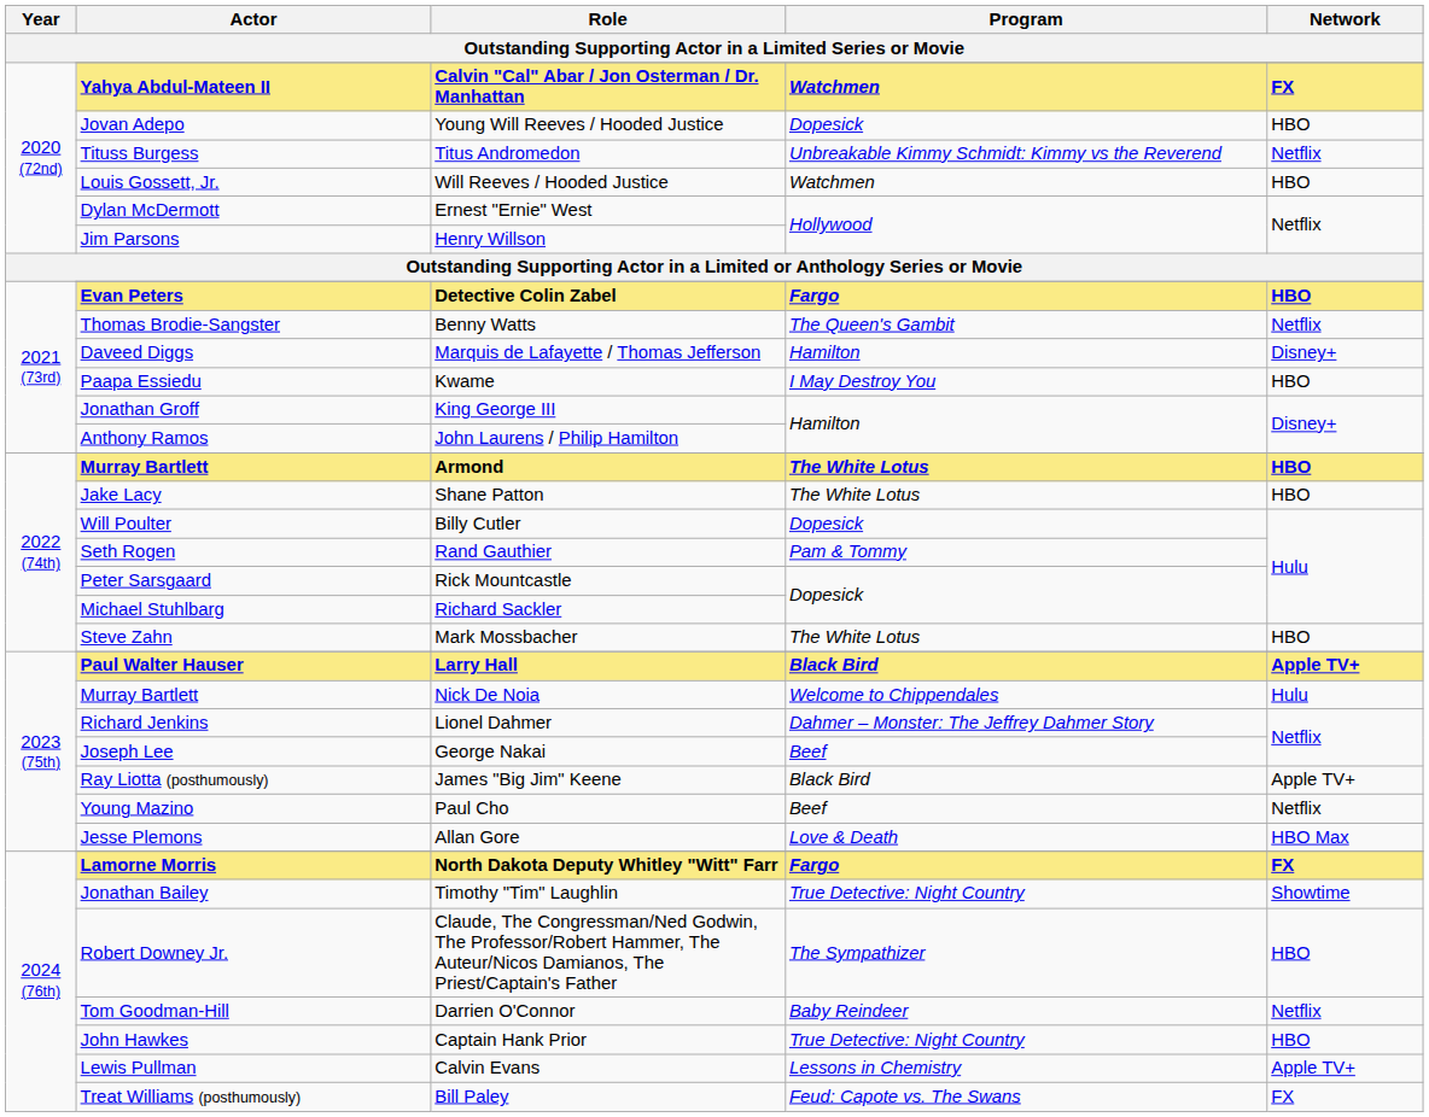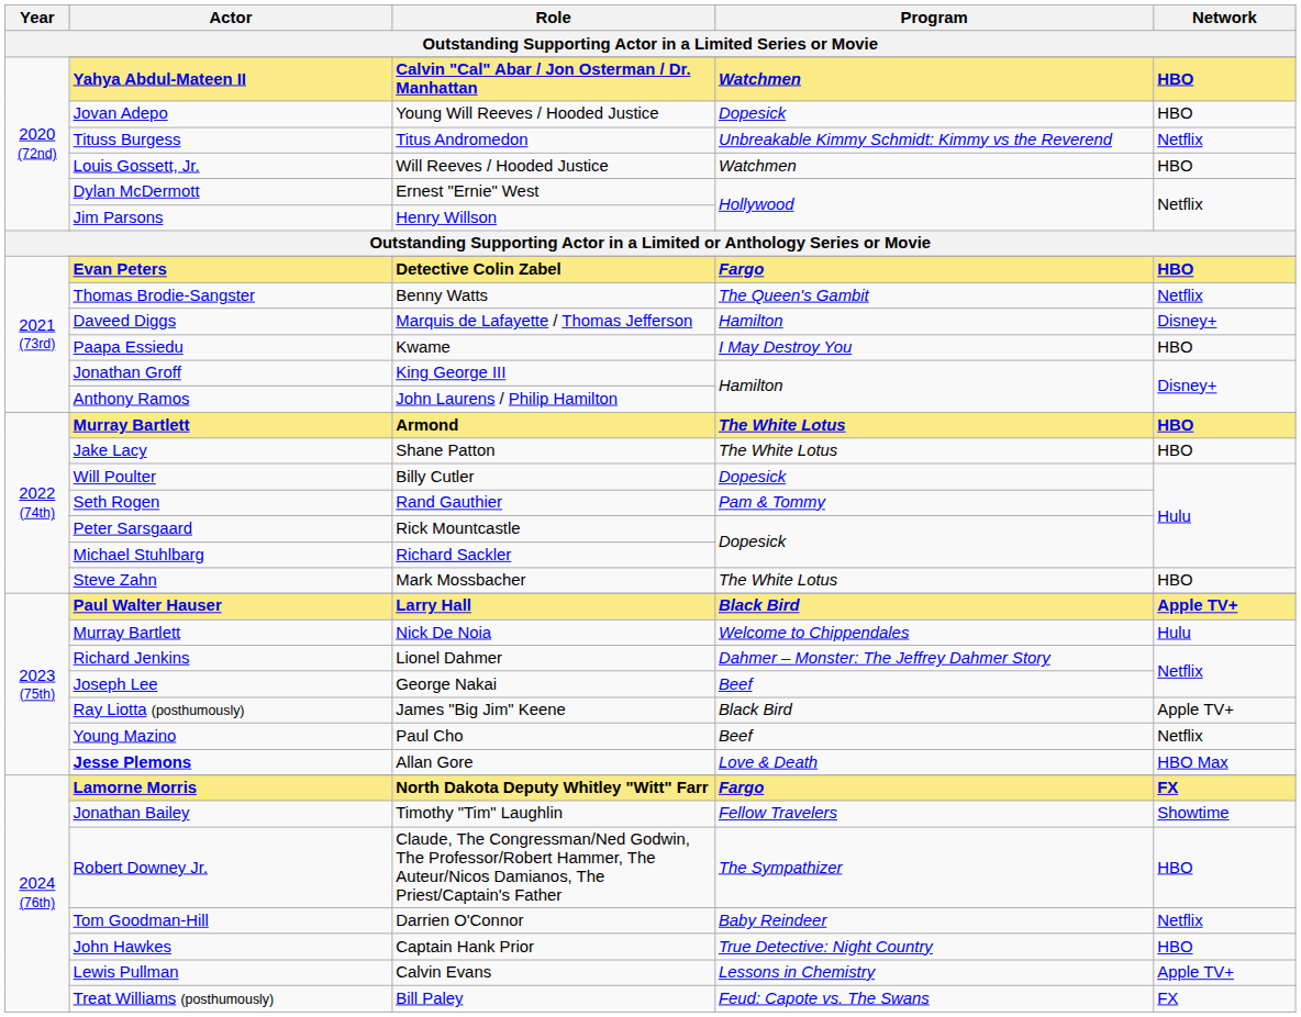 <table class="wikitable" style="width:100%">
 <tr bgcolor="#bebebe">
 <th width="5%">Year</th>
 <th width="25%">Actor</th>
 <th width="25%">Role</th>
 <th width="34%">Program</th>
 <th width="15%">Network</th>
 </tr>
 <tr>
 <th colspan=5>Outstanding Supporting Actor in a Limited Series or Movie</th>
 </tr>
 <tr>
 <td rowspan=7 style="text-align:center"><a href='#'>2020</a><br><small><a href='#'>(72nd)</a></small><br>  </td>
 </tr>
 <tr style="background:#FAEB86;">
 <td><strong><a href='#'>Yahya Abdul-Mateen II</a></strong></td>
 <td><strong><a href='#'>Calvin "Cal" Abar / Jon Osterman / Dr. Manhattan</a></strong></td>
 <td><strong><em><a href='#'>Watchmen</a></em></strong></td>
-<td><strong><a href='#'>FX</a></strong></td>
+<td><strong><a href='#'>HBO</a></strong></td>
 </tr>
 <tr>
 <td><a href='#'>Jovan Adepo</a></td>
 <td>Young Will Reeves / Hooded Justice</td>
 <td><em><a href='#'>Dopesick</a></em></td>
 <td>HBO</td>
 </tr>
 <tr>
 <td><a href='#'>Tituss Burgess</a></td>
 <td><a href='#'>Titus Andromedon</a></td>
 <td><em><a href='#'>Unbreakable Kimmy Schmidt: Kimmy vs the Reverend</a></em></td>
 <td><a href='#'>Netflix</a></td>
 </tr>
 <tr>
 <td><a href='#'>Louis Gossett, Jr.</a></td>
 <td>Will Reeves / Hooded Justice</td>
 <td><em>Watchmen</em></td>
 <td>HBO</td>
 </tr>
 <tr>
 <td><a href='#'>Dylan McDermott</a></td>
 <td>Ernest "Ernie" West</td>
 <td rowspan=2><em><a href='#'>Hollywood</a></em></td>
 <td rowspan=2>Netflix</td>
 </tr>
 <tr>
 <td><a href='#'>Jim Parsons</a></td>
 <td><a href='#'>Henry Willson</a></td>
 </tr>
 <tr>
 <th colspan=5>Outstanding Supporting Actor in a Limited or Anthology Series or Movie</th>
 </tr>
 <tr>
 <td rowspan=7 style="text-align:center"><a href='#'>2021</a><br><small><a href='#'>(73rd)</a></small><br>  </td>
 </tr>
 <tr style="background:#FAEB86;">
 <td><strong><a href='#'>Evan Peters</a></strong></td>
 <td><strong>Detective Colin Zabel</strong></td>
 <td><strong><em><a href='#'>Fargo</a></em></strong></td>
 <td><strong><a href='#'>HBO</a></strong></td>
 </tr>
 <tr>
 <td><a href='#'>Thomas Brodie-Sangster</a></td>
 <td>Benny Watts</td>
 <td><em><a href='#'>The Queen's Gambit</a></em></td>
 <td><a href='#'>Netflix</a></td>
 </tr>
 <tr>
 <td><a href='#'>Daveed Diggs</a></td>
 <td><a href='#'>Marquis de Lafayette</a> / <a href='#'>Thomas Jefferson</a></td>
 <td><em><a href='#'>Hamilton</a></em></td>
 <td><a href='#'>Disney+</a></td>
 </tr>
 <tr>
 <td><a href='#'>Paapa Essiedu</a></td>
 <td>Kwame</td>
 <td><em><a href='#'>I May Destroy You</a></em></td>
 <td>HBO</td>
 </tr>
 <tr>
 <td><a href='#'>Jonathan Groff</a></td>
 <td><a href='#'>King George III</a></td>
 <td rowspan="2"><em>Hamilton</em></td>
 <td rowspan="2"><a href='#'>Disney+</a></td>
 </tr>
 <tr>
 <td><a href='#'>Anthony Ramos</a></td>
 <td><a href='#'>John Laurens</a> / <a href='#'>Philip Hamilton</a></td>
 </tr>
 <tr>
 <td rowspan=8 style="text-align:center"><a href='#'>2022</a><br><small><a href='#'>(74th)</a></small><br>  </td>
 </tr>
 <tr style="background:#FAEB86;">
 <td><strong><a href='#'>Murray Bartlett</a></strong></td>
 <td><strong>Armond</strong></td>
 <td><strong><em><a href='#'>The White Lotus</a></em></strong></td>
 <td><strong><a href='#'>HBO</a></strong></td>
 </tr>
 <tr>
 <td><a href='#'>Jake Lacy</a></td>
 <td>Shane Patton</td>
 <td><em>The White Lotus</em></td>
 <td>HBO</td>
 </tr>
 <tr>
 <td><a href='#'>Will Poulter</a></td>
 <td>Billy Cutler</td>
 <td><em><a href='#'>Dopesick</a></em></td>
 <td rowspan="4"><a href='#'>Hulu</a></td>
 </tr>
 <tr>
 <td><a href='#'>Seth Rogen</a></td>
 <td><a href='#'>Rand Gauthier</a></td>
 <td><em><a href='#'>Pam & Tommy</a></em></td>
 </tr>
 <tr>
 <td><a href='#'>Peter Sarsgaard</a></td>
 <td>Rick Mountcastle</td>
 <td rowspan="2"><em>Dopesick</em></td>
 </tr>
 <tr>
 <td><a href='#'>Michael Stuhlbarg</a></td>
 <td><a href='#'>Richard Sackler</a></td>
 </tr>
 <tr>
 <td><a href='#'>Steve Zahn</a></td>
 <td>Mark Mossbacher</td>
 <td><em>The White Lotus</em></td>
 <td>HBO</td>
 </tr>
 <tr>
 <td rowspan=8 style="text-align:center"><a href='#'>2023</a><br><small><a href='#'>(75th)</a></small><br>  </td>
 </tr>
 <tr style="background:#FAEB86;">
 <td><strong><a href='#'>Paul Walter Hauser</a></strong></td>
 <td><strong><a href='#'>Larry Hall</a></strong></td>
 <td><strong><em><a href='#'>Black Bird</a></em></strong></td>
 <td><strong><a href='#'>Apple TV+</a></strong></td>
 </tr>
 <tr>
 <td><a href='#'>Murray Bartlett</a></td>
 <td><a href='#'>Nick De Noia</a></td>
 <td><em><a href='#'>Welcome to Chippendales</a></em></td>
 <td><a href='#'>Hulu</a></td>
 </tr>
 <tr>
 <td><a href='#'>Richard Jenkins</a></td>
 <td>Lionel Dahmer</td>
 <td><em><a href='#'>Dahmer – Monster: The Jeffrey Dahmer Story</a></em></td>
 <td rowspan="2"><a href='#'>Netflix</a></td>
 </tr>
 <tr>
 <td><a href='#'>Joseph Lee</a></td>
 <td>George Nakai</td>
 <td><em><a href='#'>Beef</a></em></td>
 </tr>
 <tr>
 <td><a href='#'>Ray Liotta</a> <small>(posthumously)</small></td>
 <td>James "Big Jim" Keene</td>
 <td><em>Black Bird</em></td>
 <td>Apple TV+</td>
 </tr>
 <tr>
 <td><a href='#'>Young Mazino</a></td>
 <td>Paul Cho</td>
 <td><em>Beef</em></td>
 <td>Netflix</td>
 </tr>
 <tr>
-<td><a href='#'>Jesse Plemons</a></td>
+<td><strong><a href='#'>Jesse Plemons</a></strong></td>
 <td>Allan Gore</td>
 <td><em><a href='#'>Love & Death</a></em></td>
 <td><a href='#'>HBO Max</a></td>
 </tr>
 <tr>
 <td rowspan="8" style="text-align:center"><a href='#'>2024</a><br><small><a href='#'>(76th)</a></small><br>  </td>
 </tr>
 <tr style="background:#FAEB86;">
 <td><strong><a href='#'>Lamorne Morris</a></strong></td>
 <td><strong>North Dakota Deputy Whitley "Witt" Farr</strong></td>
 <td><strong><em><a href='#'>Fargo</a></em></strong></td>
 <td><strong><a href='#'>FX</a></strong></td>
 </tr>
 <tr>
 <td><a href='#'>Jonathan Bailey</a></td>
 <td>Timothy "Tim" Laughlin</td>
-<td><em><a href='#'>True Detective: Night Country</a></em></td>
+<td><em><a href='#'>Fellow Travelers</a></em></td>
 <td><a href='#'>Showtime</a></td>
 </tr>
 <tr>
 <td><a href='#'>Robert Downey Jr.</a></td>
 <td>Claude, The Congressman/Ned Godwin, The Professor/Robert Hammer, The Auteur/Nicos Damianos, The Priest/Captain's Father</td>
 <td><em><a href='#'>The Sympathizer</a></em></td>
 <td><a href='#'>HBO</a></td>
 </tr>
 <tr>
 <td><a href='#'>Tom Goodman-Hill</a></td>
 <td>Darrien O'Connor</td>
 <td><em><a href='#'>Baby Reindeer</a></em></td>
 <td><a href='#'>Netflix</a></td>
 </tr>
 <tr>
 <td><a href='#'>John Hawkes</a></td>
 <td>Captain Hank Prior</td>
 <td><em><a href='#'>True Detective: Night Country</a></em></td>
 <td><a href='#'>HBO</a></td>
 </tr>
 <tr>
 <td><a href='#'>Lewis Pullman</a></td>
 <td>Calvin Evans</td>
 <td><em><a href='#'>Lessons in Chemistry</a></em></td>
 <td><a href='#'>Apple TV+</a></td>
 </tr>
 <tr>
 <td><a href='#'>Treat Williams</a> <small>(posthumously)</small></td>
 <td><a href='#'>Bill Paley</a></td>
 <td><em><a href='#'>Feud: Capote vs. The Swans</a></em></td>
 <td><a href='#'>FX</a></td>
 </tr>
 </table>
